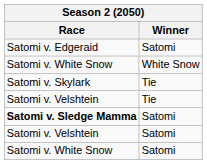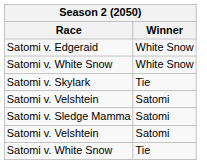 <table class="wikitable">
 <tr>
 <th colspan="2">Season 2 (2050)</th>
 </tr>
 <tr>
 <th>Race</th>
 <th>Winner</th>
 </tr>
 <tr>
 <td>Satomi v. Edgeraid</td>
-<td>Satomi</td>
+<td>White Snow</td>
 </tr>
 <tr>
 <td>Satomi v. White Snow</td>
 <td>White Snow</td>
 </tr>
 <tr>
 <td>Satomi v. Skylark</td>
 <td>Tie</td>
 </tr>
 <tr>
 <td>Satomi v. Velshtein</td>
-<td>Tie</td>
+<td>Satomi</td>
 </tr>
 <tr>
-<td><strong>Satomi v. Sledge Mamma</strong></td>
+<td>Satomi v. Sledge Mamma</td>
 <td>Satomi</td>
 </tr>
 <tr>
 <td>Satomi v. Velshtein</td>
 <td>Satomi</td>
 </tr>
 <tr>
 <td>Satomi v. White Snow</td>
-<td>Satomi</td>
+<td>Tie</td>
 </tr>
 </table>
